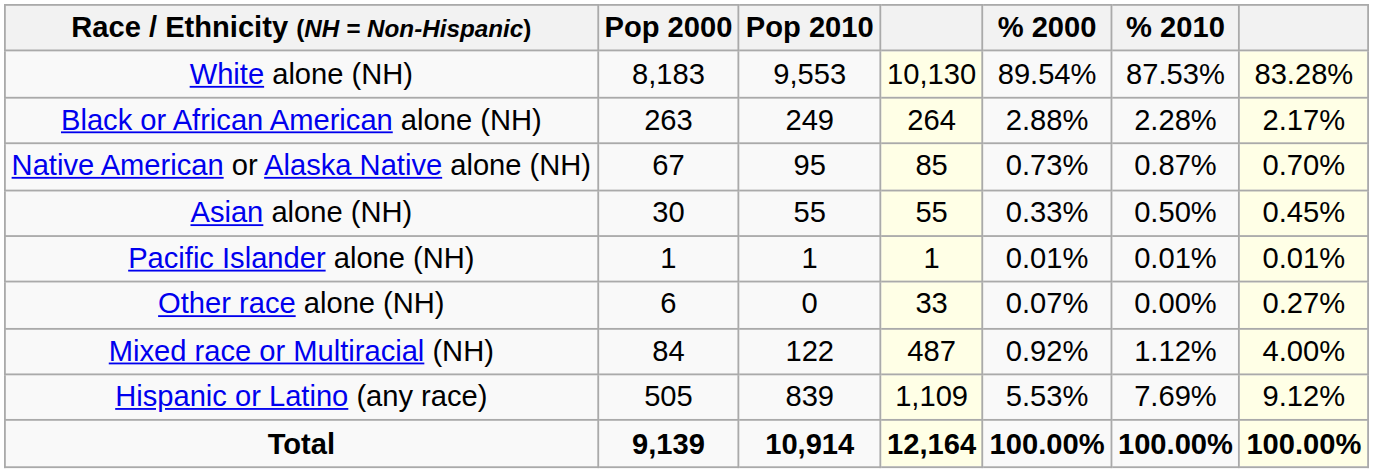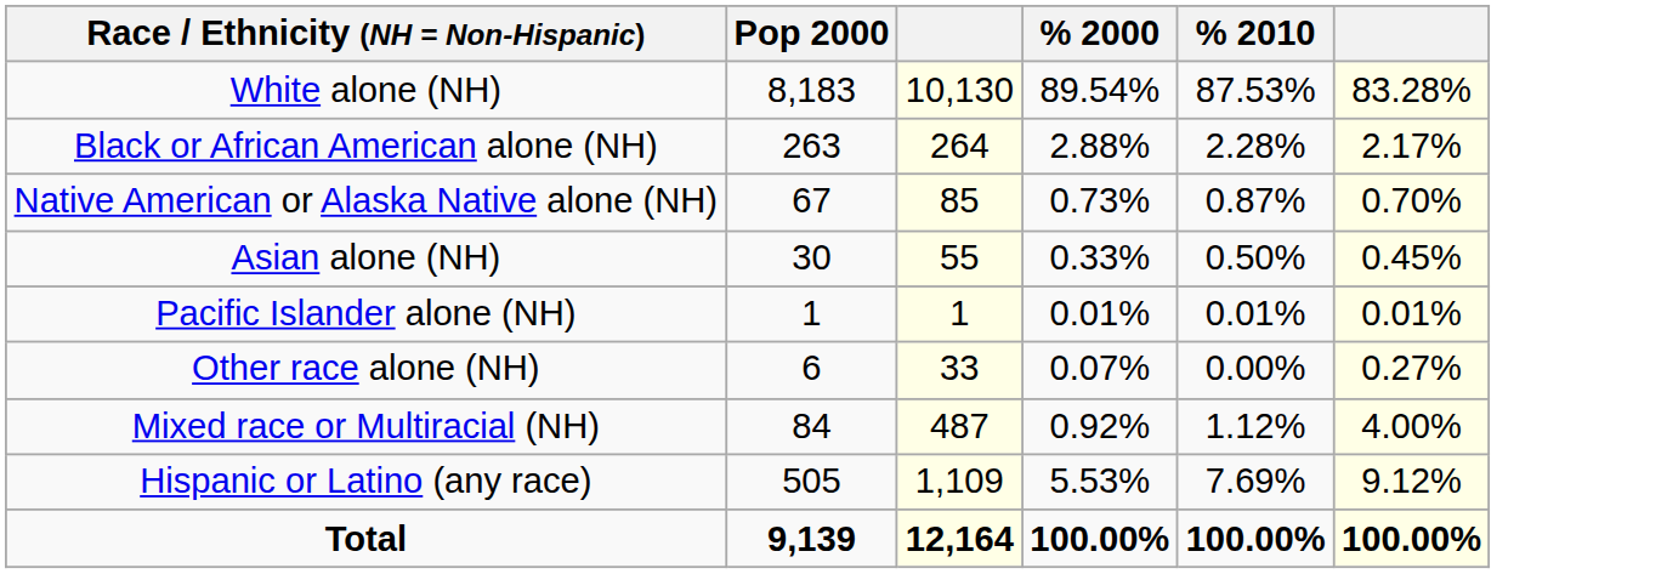 <table class="wikitable" style="text-align:center;">
 <tr>
 <th>Race / Ethnicity <small>(<em>NH = Non-Hispanic</em>)</small></th>
 <th>Pop 2000</th>
-<th>Pop 2010</th>
 <th></th>
 <th>% 2000</th>
 <th>% 2010</th>
 <th></th>
 </tr>
 <tr>
 <td><a href='#'>White</a> alone (NH)</td>
 <td>8,183</td>
-<td>9,553</td>
 <td style='background: #ffffe6;'>10,130</td>
 <td>89.54%</td>
 <td>87.53%</td>
 <td style='background: #ffffe6;'>83.28%</td>
 </tr>
 <tr>
 <td><a href='#'>Black or African American</a> alone (NH)</td>
 <td>263</td>
-<td>249</td>
 <td style='background: #ffffe6;'>264</td>
 <td>2.88%</td>
 <td>2.28%</td>
 <td style='background: #ffffe6;'>2.17%</td>
 </tr>
 <tr>
 <td><a href='#'>Native American</a> or <a href='#'>Alaska Native</a> alone (NH)</td>
 <td>67</td>
-<td>95</td>
 <td style='background: #ffffe6;'>85</td>
 <td>0.73%</td>
 <td>0.87%</td>
 <td style='background: #ffffe6;'>0.70%</td>
 </tr>
 <tr>
 <td><a href='#'>Asian</a> alone (NH)</td>
 <td>30</td>
-<td>55</td>
 <td style='background: #ffffe6;'>55</td>
 <td>0.33%</td>
 <td>0.50%</td>
 <td style='background: #ffffe6;'>0.45%</td>
 </tr>
 <tr>
 <td><a href='#'>Pacific Islander</a> alone (NH)</td>
-<td>1</td>
 <td>1</td>
 <td style='background: #ffffe6;'>1</td>
 <td>0.01%</td>
 <td>0.01%</td>
 <td style='background: #ffffe6;'>0.01%</td>
 </tr>
 <tr>
 <td><a href='#'>Other race</a> alone (NH)</td>
 <td>6</td>
-<td>0</td>
 <td style='background: #ffffe6;'>33</td>
 <td>0.07%</td>
 <td>0.00%</td>
 <td style='background: #ffffe6;'>0.27%</td>
 </tr>
 <tr>
 <td><a href='#'>Mixed race or Multiracial</a> (NH)</td>
 <td>84</td>
-<td>122</td>
 <td style='background: #ffffe6;'>487</td>
 <td>0.92%</td>
 <td>1.12%</td>
 <td style='background: #ffffe6;'>4.00%</td>
 </tr>
 <tr>
 <td><a href='#'>Hispanic or Latino</a> (any race)</td>
 <td>505</td>
-<td>839</td>
 <td style='background: #ffffe6;'>1,109</td>
 <td>5.53%</td>
 <td>7.69%</td>
 <td style='background: #ffffe6;'>9.12%</td>
 </tr>
 <tr>
 <td><strong>Total</strong></td>
 <td><strong>9,139</strong></td>
-<td><strong>10,914</strong></td>
 <td style='background: #ffffe6;'><strong>12,164</strong></td>
 <td><strong>100.00%</strong></td>
 <td><strong>100.00%</strong></td>
 <td style='background: #ffffe6;'><strong>100.00%</strong></td>
 </tr>
 </table>
